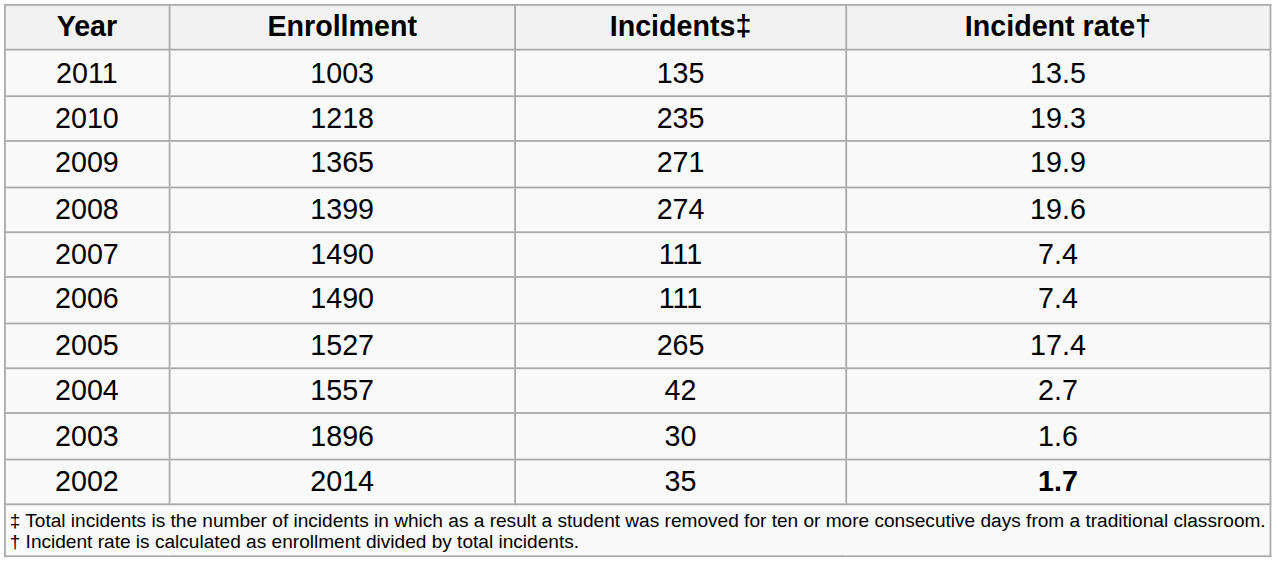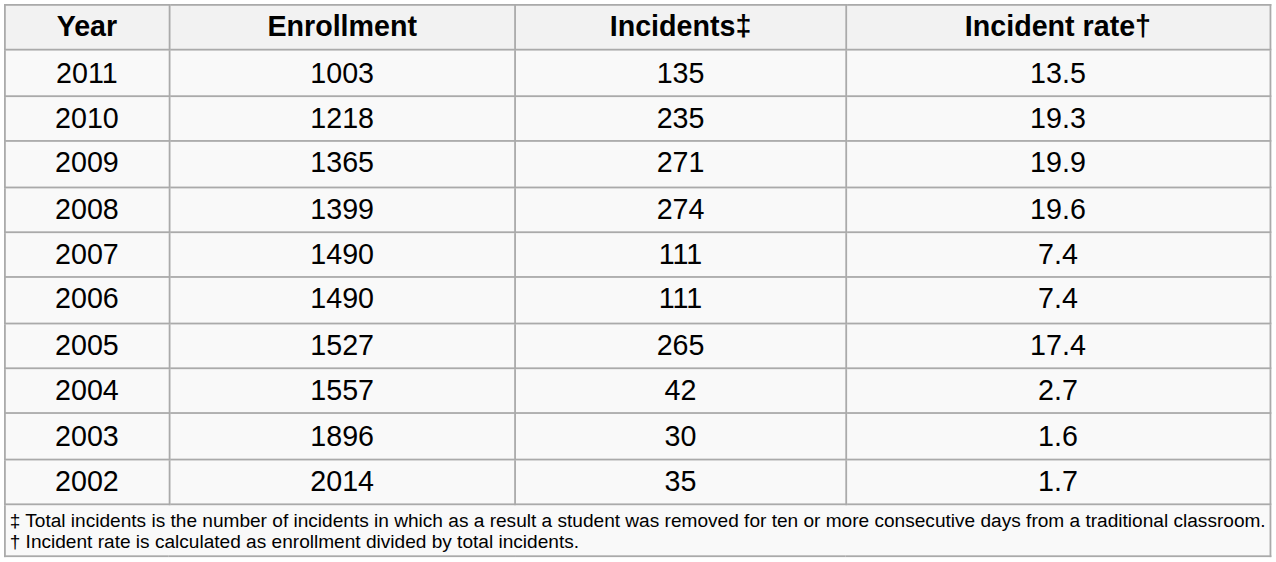 <table class="wikitable collapsible sortable" style="margin: 1em auto 1em auto;">
 <tr align="center">
 <th>Year</th>
 <th>Enrollment</th>
 <th>Incidents‡</th>
 <th>Incident rate†</th>
 </tr>
 <tr align="center">
 <td>2011</td>
 <td>1003</td>
 <td>135</td>
 <td>13.5</td>
 </tr>
 <tr align="center">
 <td>2010</td>
 <td>1218</td>
 <td>235</td>
 <td>19.3</td>
 </tr>
 <tr align="center">
 <td>2009</td>
 <td>1365</td>
 <td>271</td>
 <td>19.9</td>
 </tr>
 <tr align="center">
 <td>2008</td>
 <td>1399</td>
 <td>274</td>
 <td>19.6</td>
 </tr>
 <tr align="center">
 <td>2007</td>
 <td>1490</td>
 <td>111</td>
 <td>7.4</td>
 </tr>
 <tr align="center">
 <td>2006</td>
 <td>1490</td>
 <td>111</td>
 <td>7.4</td>
 </tr>
 <tr align="center">
 <td>2005</td>
 <td>1527</td>
 <td>265</td>
 <td>17.4</td>
 </tr>
 <tr align="center">
 <td>2004</td>
 <td>1557</td>
 <td>42</td>
 <td>2.7</td>
 </tr>
 <tr align="center">
 <td>2003</td>
 <td>1896</td>
 <td>30</td>
 <td>1.6</td>
 </tr>
 <tr align="center">
 <td>2002</td>
 <td>2014</td>
 <td>35</td>
-<td><strong>1.7</strong></td>
+<td>1.7</td>
 </tr>
 <tr class="sortbottom">
 <td colspan="4" style="font-size: 8pt">‡ Total incidents is the number of incidents in which as a result a student was removed for ten or more consecutive days from a traditional classroom. <br> † Incident rate is calculated as enrollment divided by total incidents.</td>
 </tr>
 </table>
